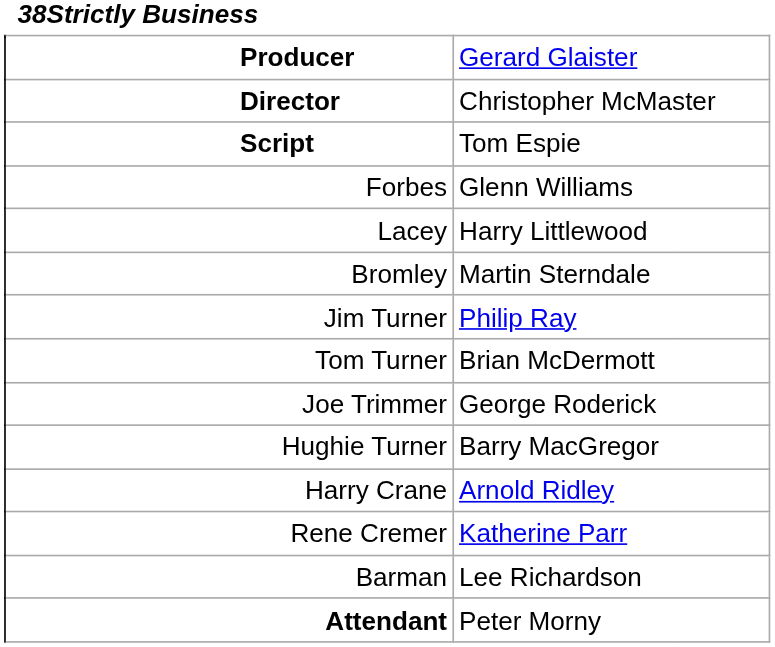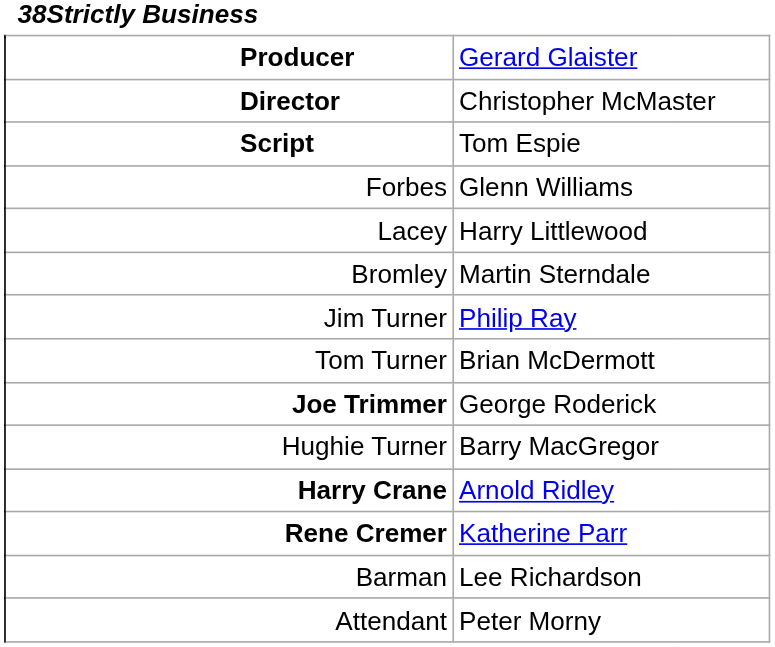 <table class="wikitable mw-collapsible mw-collapsed" style="vertical-align:top;margin:auto 2em;line-height:1.2;min-width:33em;display: inline-table;background-color:inherit;border:none;">
 <tr>
 <td class=unsortable style="border:hidden;line-height:1.67;text-align:center;margin-left:-1em;padding-left:0.5em;min-width:1.0em;"></td>
 <td class=unsortable style="border:none;padding-left:0.5em;text-align:left;min-width:16.5em;font-weight:700;font-style:italic;">38Strictly Business</td>
 <td class=unsortable style="border:none;text-align:right;font-weight:normal;font-family:Courier;font-size:95%;letter-spacing:-1pt;min-width:8.5em;padding-right:0.2em;"></td>
 <td class=unsortable style="border:hidden;min-width:3.5em;padding-left:0;"></td>
 <td class=unsortable style="border:hidden;min-width:3.5em;font-size:95%;"></td>
 </tr>
 <tr>
 <td rowspan=100 style="border:none thin;border-right-style :solid;"></td>
 </tr>
 <tr>
 <td style="text-align:left;padding-left:9.0em;font-weight:bold;">Producer</td>
 <td colspan=2><a href='#'>Gerard Glaister</a></td>
 </tr>
 <tr>
 <td style="text-align:left;padding-left:9.0em;font-weight:bold;">Director</td>
 <td colspan=2>Christopher McMaster</td>
 </tr>
 <tr>
 <td style="text-align:left;padding-left:9.0em;font-weight:bold;">Script</td>
 <td colspan=2>Tom Espie</td>
 </tr>
 <tr>
 <td style="text-align:right;">Forbes</td>
 <td colspan=2>Glenn Williams</td>
 </tr>
 <tr>
 <td style="text-align:right;">Lacey</td>
 <td colspan=2>Harry Littlewood</td>
 </tr>
 <tr>
 <td style="text-align:right;">Bromley</td>
 <td colspan=2>Martin Sterndale</td>
 </tr>
 <tr>
 <td style="text-align:right;">Jim Turner</td>
 <td colspan=2><a href='#'>Philip Ray</a></td>
 </tr>
 <tr>
 <td style="text-align:right;">Tom Turner</td>
 <td colspan=2>Brian McDermott</td>
 </tr>
 <tr>
-<td style="text-align:right;">Joe Trimmer</td>
+<td style="text-align:right;"><strong>Joe Trimmer</strong></td>
 <td colspan=2>George Roderick</td>
 </tr>
 <tr>
 <td style="text-align:right;">Hughie Turner</td>
 <td colspan=2>Barry MacGregor</td>
 </tr>
 <tr>
-<td style="text-align:right;">Harry Crane</td>
+<td style="text-align:right;"><strong>Harry Crane</strong></td>
 <td colspan=2><a href='#'>Arnold Ridley</a></td>
 </tr>
 <tr>
-<td style="text-align:right;">Rene Cremer</td>
+<td style="text-align:right;"><strong>Rene Cremer</strong></td>
 <td colspan=2><a href='#'>Katherine Parr</a></td>
 </tr>
 <tr>
 <td style="text-align:right;">Barman</td>
 <td colspan=2>Lee Richardson</td>
 </tr>
 <tr>
-<td style="text-align:right;"><strong>Attendant</strong></td>
+<td style="text-align:right;">Attendant</td>
 <td colspan=2>Peter Morny</td>
 </tr>
 </table>
